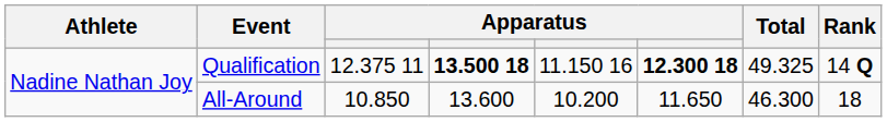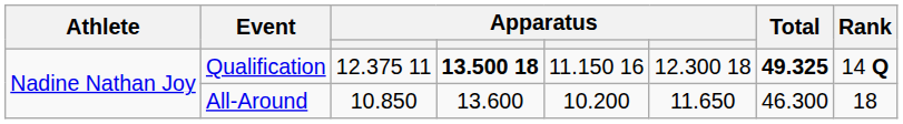 <table class="wikitable" style="font-size:90%">
 <tr>
 <th rowspan=2>Athlete</th>
 <th rowspan=2>Event</th>
 <th colspan =4>Apparatus</th>
 <th rowspan=2>Total</th>
 <th rowspan=2>Rank</th>
 </tr>
 <tr style="font-size:95%">
 <th></th>
 <th></th>
 <th></th>
 <th></th>
 </tr>
 <tr align=center>
 <td align=left rowspan=2><a href='#'>Nadine Nathan Joy</a></td>
 <td align=left><a href='#'>Qualification</a></td>
 <td>12.375	11</td>
 <td><strong>13.500	18</strong></td>
 <td>11.150	16</td>
-<td><strong>12.300	18</strong></td>
-<td>49.325</td>
+<td>12.300	18</td>
+<td><strong>49.325</strong></td>
 <td>14 <strong>Q</strong></td>
 </tr>
 <tr align=center>
 <td align=left><a href='#'>All-Around</a></td>
 <td>10.850</td>
 <td>13.600</td>
 <td>10.200</td>
 <td>11.650</td>
 <td>46.300</td>
 <td>18</td>
 </tr>
 </table>
